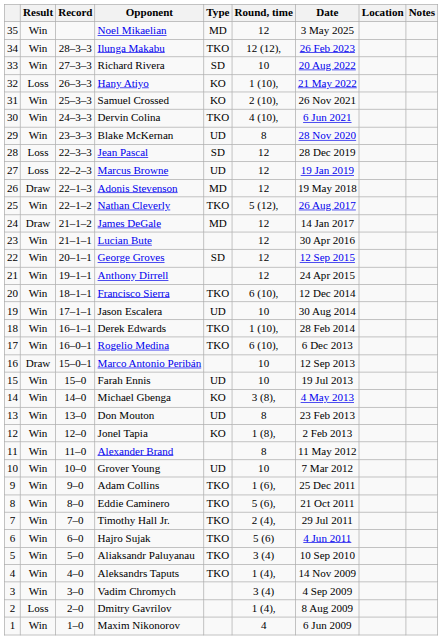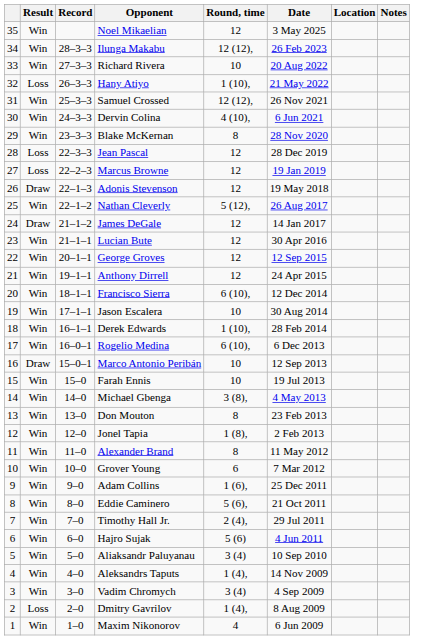 <table class="wikitable" style="text-align:center">
 <tr>
 <th></th>
 <th>Result</th>
 <th>Record</th>
 <th>Opponent</th>
-<th>Type</th>
 <th>Round, time</th>
 <th>Date</th>
 <th>Location</th>
 <th>Notes</th>
 </tr>
 <tr>
 <td>35</td>
 <td>Win</td>
 <td></td>
 <td style="text-align:left;"><a href='#'>Noel Mikaelian</a></td>
-<td>MD</td>
 <td>12</td>
 <td>3 May 2025</td>
 <td style="text-align:left;"></td>
 <td style="text-align:left;"></td>
 </tr>
 <tr>
 <td>34</td>
 <td>Win</td>
 <td>28–3–3</td>
 <td style="text-align:left;"><a href='#'>Ilunga Makabu</a></td>
-<td>TKO</td>
 <td>12 (12), </td>
 <td><a href='#'>26 Feb 2023</a></td>
 <td style="text-align:left;"></td>
 <td style="text-align:left;"></td>
 </tr>
 <tr>
 <td>33</td>
 <td>Win</td>
 <td>27–3–3</td>
 <td style="text-align:left;">Richard Rivera</td>
-<td>SD</td>
 <td>10</td>
 <td><a href='#'>20 Aug 2022</a></td>
 <td style="text-align:left;"></td>
 <td></td>
 </tr>
 <tr>
 <td>32</td>
 <td>Loss</td>
 <td>26–3–3</td>
 <td style="text-align:left;"><a href='#'>Hany Atiyo</a></td>
-<td>KO</td>
 <td>1 (10), </td>
 <td><a href='#'>21 May 2022</a></td>
 <td style="text-align:left;"></td>
 <td></td>
 </tr>
 <tr>
 <td>31</td>
 <td>Win</td>
 <td>25–3–3</td>
 <td style="text-align:left;">Samuel Crossed</td>
-<td>KO</td>
-<td>2 (10), </td>
+<td>12 (12), </td>
 <td>26 Nov 2021</td>
 <td style="text-align:left;"></td>
 <td></td>
 </tr>
 <tr>
 <td>30</td>
 <td>Win</td>
 <td>24–3–3</td>
 <td style="text-align:left;">Dervin Colina</td>
-<td>TKO</td>
 <td>4 (10), </td>
 <td><a href='#'>6 Jun 2021</a></td>
 <td style="text-align:left;"></td>
 <td></td>
 </tr>
 <tr>
 <td>29</td>
 <td>Win</td>
 <td>23–3–3</td>
 <td style="text-align:left;">Blake McKernan</td>
-<td>UD</td>
 <td>8</td>
 <td><a href='#'>28 Nov 2020</a></td>
 <td style="text-align:left;"></td>
 <td></td>
 </tr>
 <tr>
 <td>28</td>
 <td>Loss</td>
 <td>22–3–3</td>
 <td style="text-align:left;"><a href='#'>Jean Pascal</a></td>
-<td>SD</td>
 <td>12</td>
 <td>28 Dec 2019</td>
 <td style="text-align:left;"></td>
 <td style="text-align:left;"></td>
 </tr>
 <tr>
 <td>27</td>
 <td>Loss</td>
 <td>22–2–3</td>
 <td style="text-align:left;"><a href='#'>Marcus Browne</a></td>
-<td>UD</td>
 <td>12</td>
 <td><a href='#'>19 Jan 2019</a></td>
 <td style="text-align:left;"></td>
 <td style="text-align:left;"></td>
 </tr>
 <tr>
 <td>26</td>
 <td>Draw</td>
 <td>22–1–3</td>
 <td style="text-align:left;"><a href='#'>Adonis Stevenson</a></td>
-<td>MD</td>
 <td>12</td>
 <td>19 May 2018</td>
 <td style="text-align:left;"></td>
 <td style="text-align:left;"></td>
 </tr>
 <tr>
 <td>25</td>
 <td>Win</td>
 <td>22–1–2</td>
 <td style="text-align:left;"><a href='#'>Nathan Cleverly</a></td>
-<td>TKO</td>
 <td>5 (12), </td>
 <td><a href='#'>26 Aug 2017</a></td>
 <td style="text-align:left;"></td>
 <td style="text-align:left;"></td>
 </tr>
 <tr>
 <td>24</td>
 <td>Draw</td>
 <td>21–1–2</td>
 <td style="text-align:left;"><a href='#'>James DeGale</a></td>
-<td>MD</td>
 <td>12</td>
 <td>14 Jan 2017</td>
 <td style="text-align:left;"></td>
 <td style="text-align:left;"></td>
 </tr>
 <tr>
 <td>23</td>
 <td>Win</td>
 <td>21–1–1</td>
 <td style="text-align:left;"><a href='#'>Lucian Bute</a></td>
-<td></td>
 <td>12</td>
 <td>30 Apr 2016</td>
 <td style="text-align:left;"></td>
 <td style="text-align:left;"></td>
 </tr>
 <tr>
 <td>22</td>
 <td>Win</td>
 <td>20–1–1</td>
 <td style="text-align:left;"><a href='#'>George Groves</a></td>
-<td>SD</td>
 <td>12</td>
 <td><a href='#'>12 Sep 2015</a></td>
 <td style="text-align:left;"></td>
 <td style="text-align:left;"></td>
 </tr>
 <tr>
 <td>21</td>
 <td>Win</td>
 <td>19–1–1</td>
 <td style="text-align:left;"><a href='#'>Anthony Dirrell</a></td>
-<td></td>
 <td>12</td>
 <td>24 Apr 2015</td>
 <td style="text-align:left;"></td>
 <td style="text-align:left;"></td>
 </tr>
 <tr>
 <td>20</td>
 <td>Win</td>
 <td>18–1–1</td>
 <td style="text-align:left;"><a href='#'>Francisco Sierra</a></td>
-<td>TKO</td>
 <td>6 (10), </td>
 <td>12 Dec 2014</td>
 <td style="text-align:left;"></td>
 <td></td>
 </tr>
 <tr>
 <td>19</td>
 <td>Win</td>
 <td>17–1–1</td>
 <td style="text-align:left;">Jason Escalera</td>
-<td>UD</td>
 <td>10</td>
 <td>30 Aug 2014</td>
 <td style="text-align:left;"></td>
 <td></td>
 </tr>
 <tr>
 <td>18</td>
 <td>Win</td>
 <td>16–1–1</td>
 <td style="text-align:left;">Derek Edwards</td>
-<td>TKO</td>
 <td>1 (10), </td>
 <td>28 Feb 2014</td>
 <td style="text-align:left;"></td>
 <td></td>
 </tr>
 <tr>
 <td>17</td>
 <td>Win</td>
 <td>16–0–1</td>
 <td style="text-align:left;"><a href='#'>Rogelio Medina</a></td>
-<td>TKO</td>
 <td>6 (10), </td>
 <td>6 Dec 2013</td>
 <td style="text-align:left;"></td>
 <td></td>
 </tr>
 <tr>
 <td>16</td>
 <td>Draw</td>
 <td>15–0–1</td>
 <td style="text-align:left;"><a href='#'>Marco Antonio Peribán</a></td>
-<td></td>
 <td>10</td>
 <td>12 Sep 2013</td>
 <td style="text-align:left;"></td>
 <td style="text-align:left;"></td>
 </tr>
 <tr>
 <td>15</td>
 <td>Win</td>
 <td>15–0</td>
 <td style="text-align:left;">Farah Ennis</td>
-<td>UD</td>
 <td>10</td>
 <td>19 Jul 2013</td>
 <td style="text-align:left;"></td>
 <td></td>
 </tr>
 <tr>
 <td>14</td>
 <td>Win</td>
 <td>14–0</td>
 <td style="text-align:left;">Michael Gbenga</td>
-<td>KO</td>
 <td>3 (8), </td>
 <td><a href='#'>4 May 2013</a></td>
 <td style="text-align:left;"></td>
 <td></td>
 </tr>
 <tr>
 <td>13</td>
 <td>Win</td>
 <td>13–0</td>
 <td style="text-align:left;">Don Mouton</td>
-<td>UD</td>
 <td>8</td>
 <td>23 Feb 2013</td>
 <td style="text-align:left;"></td>
 <td></td>
 </tr>
 <tr>
 <td>12</td>
 <td>Win</td>
 <td>12–0</td>
 <td style="text-align:left;">Jonel Tapia</td>
-<td>KO</td>
 <td>1 (8), </td>
 <td>2 Feb 2013</td>
 <td style="text-align:left;"></td>
 <td></td>
 </tr>
 <tr>
 <td>11</td>
 <td>Win</td>
 <td>11–0</td>
 <td style="text-align:left;"><a href='#'>Alexander Brand</a></td>
-<td></td>
 <td>8</td>
 <td>11 May 2012</td>
 <td style="text-align:left;"></td>
 <td></td>
 </tr>
 <tr>
 <td>10</td>
 <td>Win</td>
 <td>10–0</td>
 <td style="text-align:left;">Grover Young</td>
-<td>UD</td>
-<td>10</td>
+<td>6</td>
 <td>7 Mar 2012</td>
 <td style="text-align:left;"></td>
 <td></td>
 </tr>
 <tr>
 <td>9</td>
 <td>Win</td>
 <td>9–0</td>
 <td style="text-align:left;">Adam Collins</td>
-<td>TKO</td>
 <td>1 (6), </td>
 <td>25 Dec 2011</td>
 <td style="text-align:left;"></td>
 <td></td>
 </tr>
 <tr>
 <td>8</td>
 <td>Win</td>
 <td>8–0</td>
 <td style="text-align:left;">Eddie Caminero</td>
-<td>TKO</td>
 <td>5 (6), </td>
 <td>21 Oct 2011</td>
 <td style="text-align:left;"></td>
 <td></td>
 </tr>
 <tr>
 <td>7</td>
 <td>Win</td>
 <td>7–0</td>
 <td style="text-align:left;">Timothy Hall Jr.</td>
-<td>TKO</td>
 <td>2 (4), </td>
 <td>29 Jul 2011</td>
 <td style="text-align:left;"></td>
 <td></td>
 </tr>
 <tr>
 <td>6</td>
 <td>Win</td>
 <td>6–0</td>
 <td style="text-align:left;">Hajro Sujak</td>
-<td>TKO</td>
 <td>5 (6)</td>
 <td><a href='#'>4 Jun 2011</a></td>
 <td style="text-align:left;"></td>
 <td></td>
 </tr>
 <tr>
 <td>5</td>
 <td>Win</td>
 <td>5–0</td>
 <td style="text-align:left;">Aliaksandr Paluyanau</td>
-<td>TKO</td>
 <td>3 (4)</td>
 <td>10 Sep 2010</td>
 <td style="text-align:left;"></td>
 <td></td>
 </tr>
 <tr>
 <td>4</td>
 <td>Win</td>
 <td>4–0</td>
 <td style="text-align:left;">Aleksandrs Taputs</td>
-<td>TKO</td>
 <td>1 (4), </td>
 <td>14 Nov 2009</td>
 <td style="text-align:left;"></td>
 <td></td>
 </tr>
 <tr>
 <td>3</td>
 <td>Win</td>
 <td>3–0</td>
 <td style="text-align:left;">Vadim Chromych</td>
-<td></td>
 <td>3 (4)</td>
 <td>4 Sep 2009</td>
 <td style="text-align:left;"></td>
 <td></td>
 </tr>
 <tr>
 <td>2</td>
 <td>Loss</td>
 <td>2–0</td>
 <td style="text-align:left;">Dmitry Gavrilov</td>
-<td></td>
 <td>1 (4), </td>
 <td>8 Aug 2009</td>
 <td style="text-align:left;"></td>
 <td></td>
 </tr>
 <tr>
 <td>1</td>
 <td>Win</td>
 <td>1–0</td>
 <td style="text-align:left;">Maxim Nikonorov</td>
-<td></td>
 <td>4</td>
 <td>6 Jun 2009</td>
 <td style="text-align:left;"></td>
 <td></td>
 </tr>
 </table>
